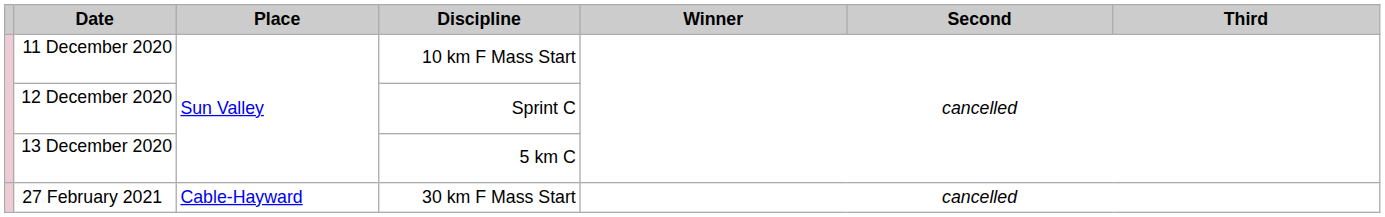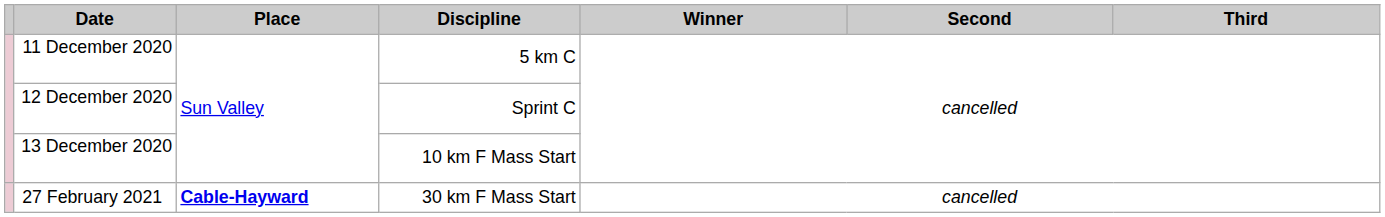 <table class="wikitable plainrowheaders" style="background:#fff; font-size:86%; line-height:16px; border:grey solid 1px; border-collapse:collapse;">
 <tr style="background:#ccc; text-align:center;">
 <th scope="col" style="background:#ccc; width=30 px;"></th>
 <th scope="col" style="background:#ccc; width:120px;">Date</th>
 <th scope="col" style="background:#ccc; width:150px;">Place</th>
 <th scope="col" style="background:#ccc; width:150px;">Discipline</th>
 <th scope="col" style="background:#ccc; width:200px;">Winner</th>
 <th scope="col" style="background:#ccc; width:200px;">Second</th>
 <th scope="col" style="background:#ccc; width:200px;">Third</th>
 </tr>
 <tr>
 <td rowspan=3 bgcolor="EDCCD5"></td>
 <td align=right>11 December 2020  </td>
 <td rowspan=3> <a href='#'>Sun Valley</a></td>
-<td align=right>10 km F Mass Start</td>
+<td align=right>5 km C</td>
 <td rowspan=3 colspan=3 align=center><em>cancelled</em></td>
 </tr>
 <tr>
 <td align=right>12 December 2020  </td>
 <td align=right>Sprint C</td>
 </tr>
 <tr>
 <td align=right>13 December 2020  </td>
-<td align=right>5 km C</td>
+<td align=right>10 km F Mass Start</td>
 </tr>
 <tr>
 <td bgcolor="EDCCD5"></td>
 <td align=right>27 February 2021  </td>
-<td> <a href='#'>Cable-Hayward</a></td>
+<td><strong> <a href='#'>Cable-Hayward</a></strong></td>
 <td align=right>30 km F Mass Start</td>
 <td colspan=3 align=center><em>cancelled</em></td>
 </tr>
 </table>
